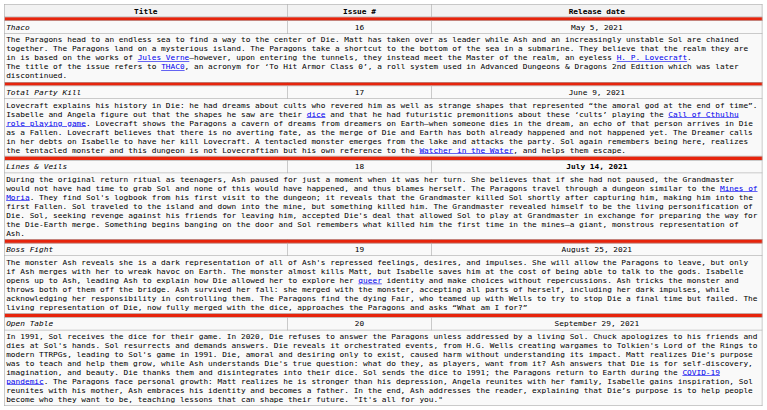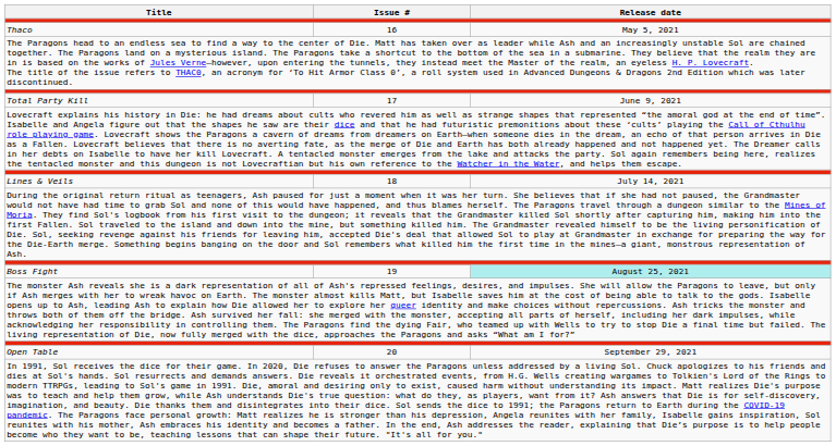 <table class="wikitable" style="width:100%;">
 <tr>
 <th>Title</th>
 <th>Issue #</th>
 <th>Release date</th>
 </tr>
 <tr>
 <td colspan="6" style="background:#E7240C;"></td>
 </tr>
 <tr>
 <td><em>Thaco</em></td>
 <td style="text-align:center;">16</td>
 <td style="text-align:center;">May 5, 2021</td>
 </tr>
 <tr>
 <td colspan="6">The Paragons head to an endless sea to find a way to the center of Die. Matt has taken over as leader while Ash and an increasingly unstable Sol are chained together. The Paragons land on a mysterious island. The Paragons take a shortcut to the bottom of the sea in a submarine. They believe that the realm they are in is based on the works of <a href='#'>Jules Verne</a>—however, upon entering the tunnels, they instead meet the Master of the realm, an eyeless <a href='#'>H. P. Lovecraft</a>.<br>The title of the issue refers to <a href='#'>THAC0</a>, an acronym for ‘To Hit Armor Class 0’, a roll system used in Advanced Dungeons & Dragons 2nd Edition which was later discontinued.</td>
 </tr>
 <tr>
 <td colspan="6" style="background:#E7240C;"></td>
 </tr>
 <tr>
 <td><em>Total Party Kill</em></td>
 <td style="text-align:center;">17</td>
 <td style="text-align:center;">June 9, 2021</td>
 </tr>
 <tr>
 <td colspan="6">Lovecraft explains his history in Die: he had dreams about cults who revered him as well as strange shapes that represented “the amoral god at the end of time”. Isabelle and Angela figure out that the shapes he saw are their <a href='#'>dice</a> and that he had futuristic premonitions about these ‘cults’ playing the <a href='#'>Call of Cthulhu role playing game</a>. Lovecraft shows the Paragons a cavern of dreams from dreamers on Earth—when someone dies in the dream, an echo of that person arrives in Die as a Fallen. Lovecraft believes that there is no averting fate, as the merge of Die and Earth has both already happened and not happened yet. The Dreamer calls in her debts on Isabelle to have her kill Lovecraft. A tentacled monster emerges from the lake and attacks the party. Sol again remembers being here, realizes the tentacled monster and this dungeon is not Lovecraftian but his own reference to the <a href='#'>Watcher in the Water</a>, and helps them escape.</td>
 </tr>
 <tr>
 <td colspan="6" style="background:#E7240C;"></td>
 </tr>
 <tr>
 <td><em>Lines & Veils</em></td>
 <td style="text-align:center;">18</td>
-<td style="text-align:center;"><strong>July 14, 2021</strong></td>
+<td style="text-align:center;">July 14, 2021</td>
 </tr>
 <tr>
 <td colspan="6">During the original return ritual as teenagers, Ash paused for just a moment when it was her turn. She believes that if she had not paused, the Grandmaster would not have had time to grab Sol and none of this would have happened, and thus blames herself. The Paragons travel through a dungeon similar to the <a href='#'>Mines of Moria</a>. They find Sol's logbook from his first visit to the dungeon; it reveals that the Grandmaster killed Sol shortly after capturing him, making him into the first Fallen. Sol traveled to the island and down into the mine, but something killed him. The Grandmaster revealed himself to be the living personification of Die. Sol, seeking revenge against his friends for leaving him, accepted Die's deal that allowed Sol to play at Grandmaster in exchange for preparing the way for the Die-Earth merge. Something begins banging on the door and Sol remembers what killed him the first time in the mines—a giant, monstrous representation of Ash.</td>
 </tr>
 <tr>
 <td colspan="6" style="background:#E7240C;"></td>
 </tr>
 <tr>
 <td><em>Boss Fight</em></td>
 <td style="text-align:center;">19</td>
-<td style="text-align:center;">August 25, 2021</td>
+<td style="background: paleturquoise; text-align:center;">August 25, 2021</td>
 </tr>
 <tr>
 <td colspan="6">The monster Ash reveals she is a dark representation of all of Ash's repressed feelings, desires, and impulses. She will allow the Paragons to leave, but only if Ash merges with her to wreak havoc on Earth. The monster almost kills Matt, but Isabelle saves him at the cost of being able to talk to the gods. Isabelle opens up to Ash, leading Ash to explain how Die allowed her to explore her <a href='#'>queer</a> identity and make choices without repercussions. Ash tricks the monster and throws both of them off the bridge. Ash survived her fall: she merged with the monster, accepting all parts of herself, including her dark impulses, while acknowledging her responsibility in controlling them. The Paragons find the dying Fair, who teamed up with Wells to try to stop Die a final time but failed. The living representation of Die, now fully merged with the dice, approaches the Paragons and asks “What am I for?”</td>
 </tr>
 <tr>
 <td colspan="6" style="background:#E7240C;"></td>
 </tr>
 <tr>
 <td><em>Open Table</em></td>
 <td style="text-align:center;">20</td>
 <td style="text-align:center;">September 29, 2021</td>
 </tr>
 <tr>
 <td colspan="6">In 1991, Sol receives the dice for their game. In 2020, Die refuses to answer the Paragons unless addressed by a living Sol. Chuck apologizes to his friends and dies at Sol's hands. Sol resurrects and demands answers. Die reveals it orchestrated events, from H.G. Wells creating wargames to Tolkien's Lord of the Rings to modern TTRPGs, leading to Sol's game in 1991. Die, amoral and desiring only to exist, caused harm without understanding its impact. Matt realizes Die's purpose was to teach and help them grow, while Ash understands Die's true question: what do they, as players, want from it? Ash answers that Die is for self-discovery, imagination, and beauty. Die thanks them and disintegrates into their dice. Sol sends the dice to 1991; the Paragons return to Earth during the <a href='#'>COVID-19 pandemic</a>. The Paragons face personal growth: Matt realizes he is stronger than his depression, Angela reunites with her family, Isabelle gains inspiration, Sol reunites with his mother, Ash embraces his identity and becomes a father. In the end, Ash addresses the reader, explaining that Die’s purpose is to help people become who they want to be, teaching lessons that can shape their future. "It's all for you."</td>
 </tr>
 </table>
